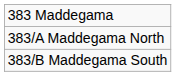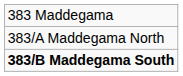 <table class="wikitable">
 <tr>
 <td>383  Maddegama</td>
 </tr>
 <tr>
 <td>383/A Maddegama North</td>
 </tr>
 <tr>
-<td>383/B Maddegama South</td>
+<td><strong>383/B Maddegama South</strong></td>
 </tr>
 </table>
